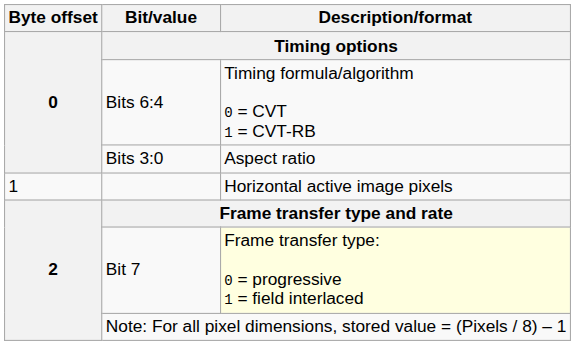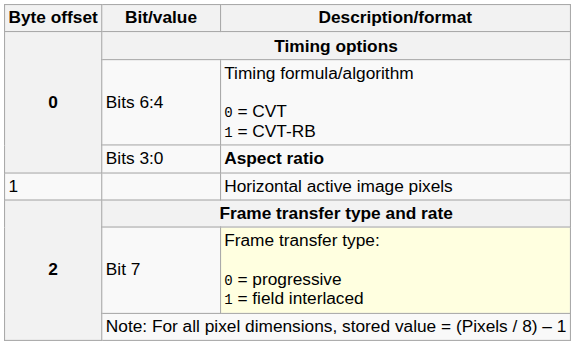 <table class=wikitable>
 <tr>
 <th>Byte offset</th>
 <th>Bit/value</th>
 <th>Description/format</th>
 </tr>
 <tr>
 <th rowspan=3>0</th>
 <th colspan=2>Timing options</th>
 </tr>
 <tr>
 <td>Bits 6:4</td>
 <td>Timing formula/algorithm<br><br><code>0</code> = CVT<br> <code>1</code> = CVT-RB</td>
 </tr>
 <tr>
 <td>Bits 3:0</td>
-<td>Aspect ratio</td>
+<td><strong>Aspect ratio</strong></td>
 </tr>
 <tr>
 <td>1</td>
 <td></td>
 <td>Horizontal active image pixels</td>
 </tr>
 <tr>
 <th rowspan=3>2</th>
 <th colspan=2>Frame transfer type and rate</th>
 </tr>
 <tr>
 <td>Bit 7</td>
 <td style="background: lightyellow;">Frame transfer type:<br><br><code>0</code> = progressive<br> <code>1</code> = field interlaced</td>
 </tr>
 <tr>
 <td colspan=3>Note: For all pixel dimensions, stored value = (Pixels / 8) – 1</td>
 </tr>
 </table>
